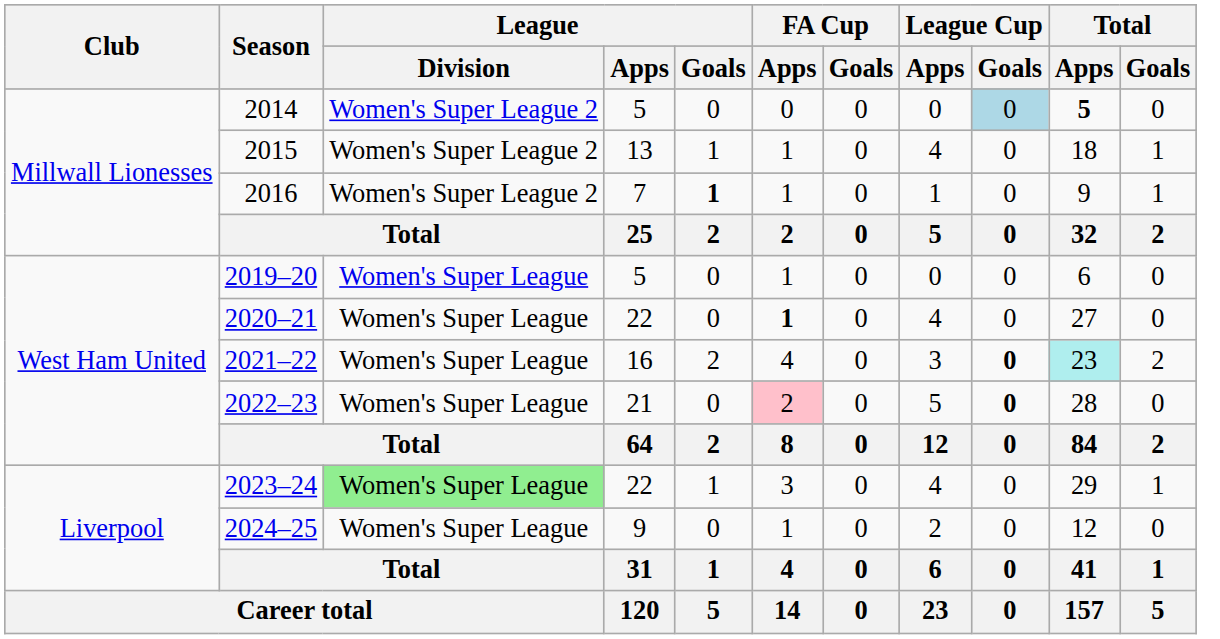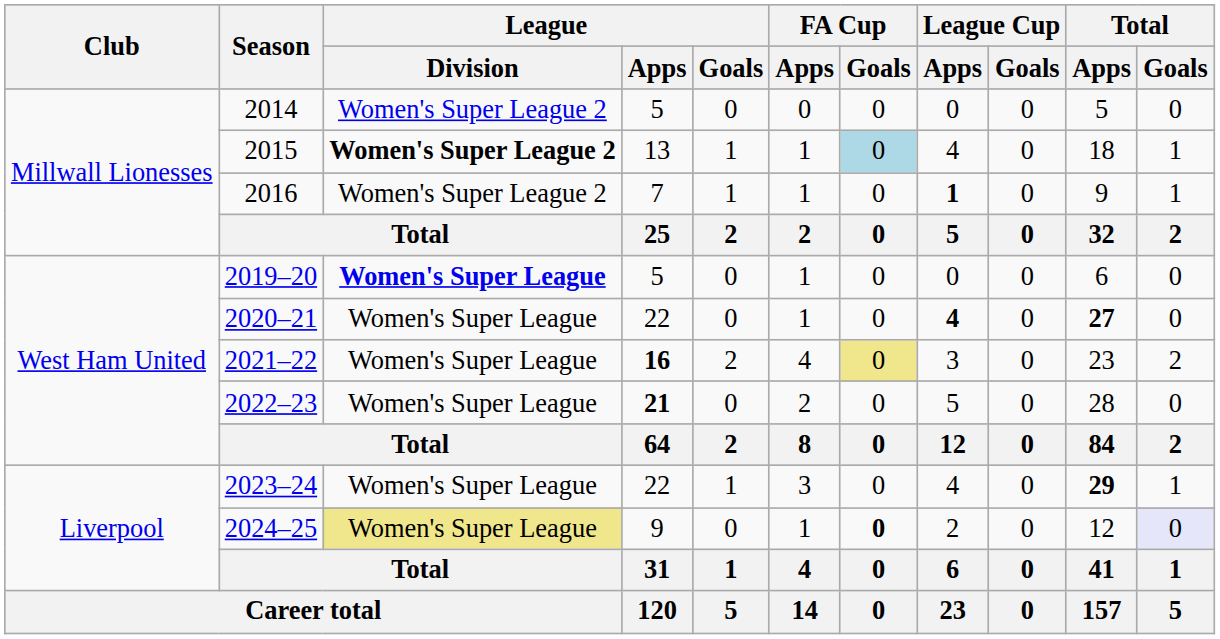 <table class="wikitable" style="text-align:center">
 <tr>
 <th rowspan="2">Club</th>
 <th rowspan="2">Season</th>
 <th colspan="3">League</th>
 <th colspan="2">FA Cup</th>
 <th colspan="2">League Cup</th>
 <th colspan="2">Total</th>
 </tr>
 <tr>
 <th>Division</th>
 <th>Apps</th>
 <th>Goals</th>
 <th>Apps</th>
 <th>Goals</th>
 <th>Apps</th>
 <th>Goals</th>
 <th>Apps</th>
 <th>Goals</th>
 </tr>
 <tr>
 <td rowspan="4"><a href='#'>Millwall Lionesses</a></td>
 <td>2014</td>
 <td><a href='#'>Women's Super League 2</a></td>
 <td>5</td>
 <td>0</td>
 <td>0</td>
 <td>0</td>
 <td>0</td>
-<td style="background: lightblue;">0</td>
-<td><strong>5</strong></td>
+<td>0</td>
+<td>5</td>
 <td>0</td>
 </tr>
 <tr>
 <td>2015</td>
-<td>Women's Super League 2</td>
+<td><strong>Women's Super League 2</strong></td>
 <td>13</td>
 <td>1</td>
 <td>1</td>
-<td>0</td>
+<td style="background: lightblue;">0</td>
 <td>4</td>
 <td>0</td>
 <td>18</td>
 <td>1</td>
 </tr>
 <tr>
 <td>2016</td>
 <td>Women's Super League 2</td>
 <td>7</td>
-<td><strong>1</strong></td>
+<td>1</td>
 <td>1</td>
 <td>0</td>
-<td>1</td>
+<td><strong>1</strong></td>
 <td>0</td>
 <td>9</td>
 <td>1</td>
 </tr>
 <tr>
 <th colspan="2">Total</th>
 <th>25</th>
 <th>2</th>
 <th>2</th>
 <th>0</th>
 <th>5</th>
 <th>0</th>
 <th>32</th>
 <th>2</th>
 </tr>
 <tr>
 <td rowspan="5"><a href='#'>West Ham United</a></td>
 <td><a href='#'>2019–20</a></td>
-<td><a href='#'>Women's Super League</a></td>
+<td><strong><a href='#'>Women's Super League</a></strong></td>
 <td>5</td>
 <td>0</td>
 <td>1</td>
 <td>0</td>
 <td>0</td>
 <td>0</td>
 <td>6</td>
 <td>0</td>
 </tr>
 <tr>
 <td><a href='#'>2020–21</a></td>
 <td>Women's Super League</td>
 <td>22</td>
 <td>0</td>
-<td><strong>1</strong></td>
+<td>1</td>
 <td>0</td>
-<td>4</td>
+<td><strong>4</strong></td>
 <td>0</td>
-<td>27</td>
+<td><strong>27</strong></td>
 <td>0</td>
 </tr>
 <tr>
 <td><a href='#'>2021–22</a></td>
 <td>Women's Super League</td>
-<td>16</td>
+<td><strong>16</strong></td>
 <td>2</td>
 <td>4</td>
+<td style="background: khaki;">0</td>
+<td>3</td>
 <td>0</td>
-<td>3</td>
-<td><strong>0</strong></td>
-<td style="background: paleturquoise;">23</td>
+<td>23</td>
 <td>2</td>
 </tr>
 <tr>
 <td><a href='#'>2022–23</a></td>
 <td>Women's Super League</td>
-<td>21</td>
+<td><strong>21</strong></td>
 <td>0</td>
-<td style="background: pink;">2</td>
+<td>2</td>
 <td>0</td>
 <td>5</td>
-<td><strong>0</strong></td>
+<td>0</td>
 <td>28</td>
 <td>0</td>
 </tr>
 <tr>
 <th colspan="2">Total</th>
 <th>64</th>
 <th>2</th>
 <th>8</th>
 <th>0</th>
 <th>12</th>
 <th>0</th>
 <th>84</th>
 <th>2</th>
 </tr>
 <tr>
 <td rowspan="3"><a href='#'>Liverpool</a></td>
 <td><a href='#'>2023–24</a></td>
-<td style="background: lightgreen;">Women's Super League</td>
+<td>Women's Super League</td>
 <td>22</td>
 <td>1</td>
 <td>3</td>
 <td>0</td>
 <td>4</td>
 <td>0</td>
-<td>29</td>
+<td><strong>29</strong></td>
 <td>1</td>
 </tr>
 <tr>
 <td><a href='#'>2024–25</a></td>
-<td>Women's Super League</td>
+<td style="background: khaki;">Women's Super League</td>
 <td>9</td>
 <td>0</td>
 <td>1</td>
-<td>0</td>
+<td><strong>0</strong></td>
 <td>2</td>
 <td>0</td>
 <td>12</td>
-<td>0</td>
+<td style="background: lavender;">0</td>
 </tr>
 <tr>
 <th colspan="2">Total</th>
 <th>31</th>
 <th>1</th>
 <th>4</th>
 <th>0</th>
 <th>6</th>
 <th>0</th>
 <th>41</th>
 <th>1</th>
 </tr>
 <tr>
 <th colspan="3">Career total</th>
 <th>120</th>
 <th>5</th>
 <th>14</th>
 <th>0</th>
 <th>23</th>
 <th>0</th>
 <th>157</th>
 <th>5</th>
 </tr>
 </table>
